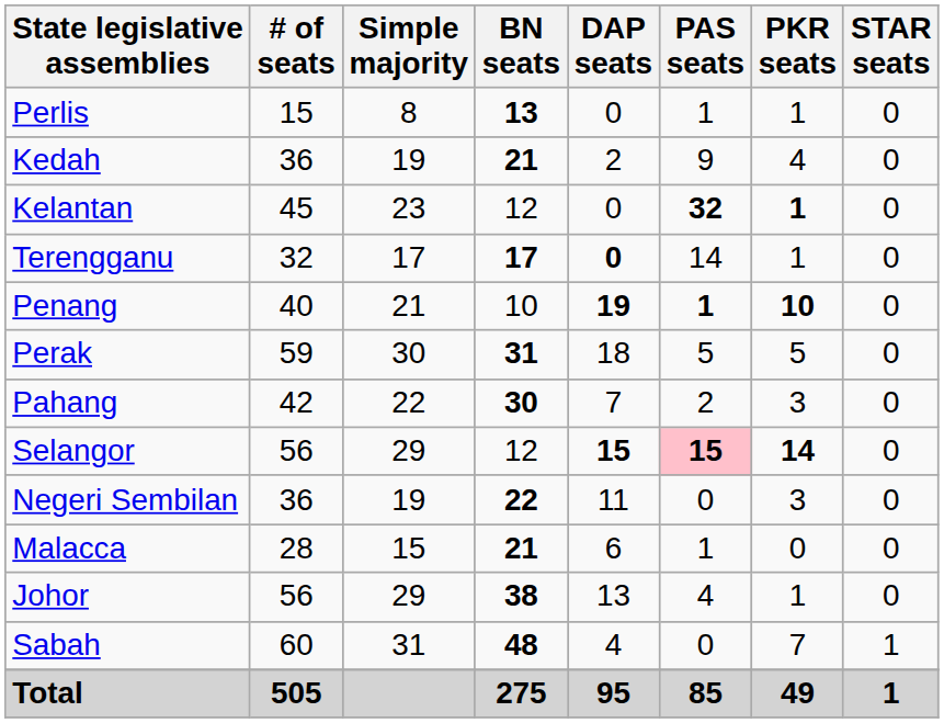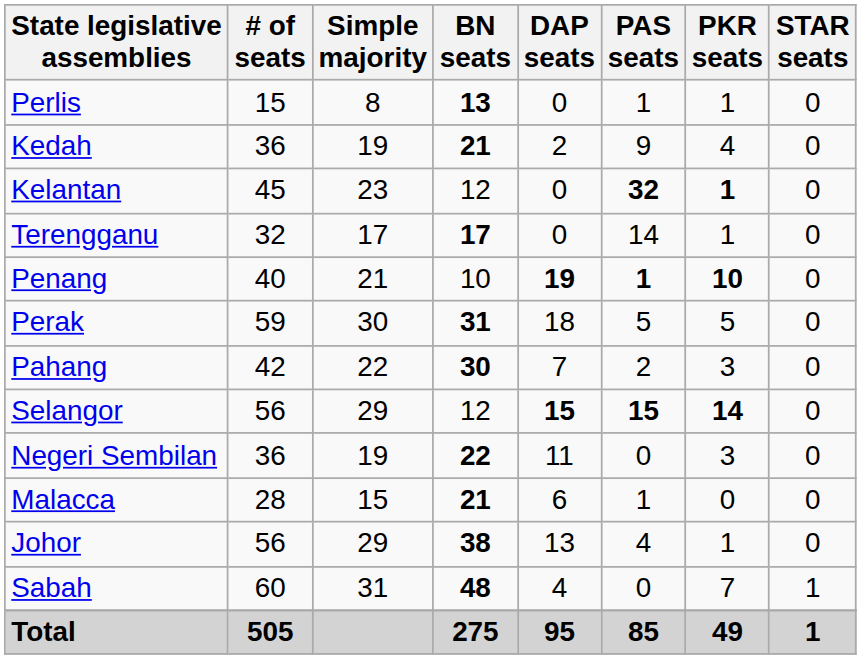 <table class="wikitable sortable" style="text-align:center">
 <tr>
 <th>State legislative<br>assemblies</th>
 <th># of<br>seats</th>
 <th>Simple<br>majority</th>
 <th>BN<br>seats</th>
 <th>DAP<br>seats</th>
 <th>PAS<br>seats</th>
 <th>PKR<br>seats</th>
 <th>STAR<br>seats</th>
 </tr>
 <tr>
 <td style="text-align:left"> <a href='#'>Perlis</a></td>
 <td>15</td>
 <td>8</td>
 <td><strong>13</strong></td>
 <td>0</td>
 <td>1</td>
 <td>1</td>
 <td>0</td>
 </tr>
 <tr>
 <td style="text-align:left"> <a href='#'>Kedah</a></td>
 <td>36</td>
 <td>19</td>
 <td><strong>21</strong></td>
 <td>2</td>
 <td>9</td>
 <td>4</td>
 <td>0</td>
 </tr>
 <tr>
 <td style="text-align:left"> <a href='#'>Kelantan</a></td>
 <td>45</td>
 <td>23</td>
 <td>12</td>
 <td>0</td>
 <td><strong>32</strong></td>
 <td><strong>1</strong></td>
 <td>0</td>
 </tr>
 <tr>
 <td style="text-align:left"> <a href='#'>Terengganu</a></td>
 <td>32</td>
 <td>17</td>
 <td><strong>17</strong></td>
-<td><strong>0</strong></td>
+<td>0</td>
 <td>14</td>
 <td>1</td>
 <td>0</td>
 </tr>
 <tr>
 <td style="text-align:left"> <a href='#'>Penang</a></td>
 <td>40</td>
 <td>21</td>
 <td>10</td>
 <td><strong>19</strong></td>
 <td><strong>1</strong></td>
 <td><strong>10</strong></td>
 <td>0</td>
 </tr>
 <tr>
 <td style="text-align:left"> <a href='#'>Perak</a></td>
 <td>59</td>
 <td>30</td>
 <td><strong>31</strong></td>
 <td>18</td>
 <td>5</td>
 <td>5</td>
 <td>0</td>
 </tr>
 <tr>
 <td style="text-align:left"> <a href='#'>Pahang</a></td>
 <td>42</td>
 <td>22</td>
 <td><strong>30</strong></td>
 <td>7</td>
 <td>2</td>
 <td>3</td>
 <td>0</td>
 </tr>
 <tr>
 <td style="text-align:left"> <a href='#'>Selangor</a></td>
 <td>56</td>
 <td>29</td>
 <td>12</td>
 <td><strong>15</strong></td>
-<td style="background: pink;"><strong>15</strong></td>
+<td><strong>15</strong></td>
 <td><strong>14</strong></td>
 <td>0</td>
 </tr>
 <tr>
 <td style="text-align:left"> <a href='#'>Negeri Sembilan</a></td>
 <td>36</td>
 <td>19</td>
 <td><strong>22</strong></td>
 <td>11</td>
 <td>0</td>
 <td>3</td>
 <td>0</td>
 </tr>
 <tr>
 <td style="text-align:left"> <a href='#'>Malacca</a></td>
 <td>28</td>
 <td>15</td>
 <td><strong>21</strong></td>
 <td>6</td>
 <td>1</td>
 <td>0</td>
 <td>0</td>
 </tr>
 <tr>
 <td style="text-align:left"> <a href='#'>Johor</a></td>
 <td>56</td>
 <td>29</td>
 <td><strong>38</strong></td>
 <td>13</td>
 <td>4</td>
 <td>1</td>
 <td>0</td>
 </tr>
 <tr>
 <td style="text-align:left"> <a href='#'>Sabah</a></td>
 <td>60</td>
 <td>31</td>
 <td><strong>48</strong></td>
 <td>4</td>
 <td>0</td>
 <td>7</td>
 <td>1</td>
 </tr>
 <tr>
 </tr>
 <tr class="sortbottom" style="background:lightgrey;">
 <td style="text-align:left"><strong>Total</strong></td>
 <td><strong>505</strong></td>
 <td></td>
 <td><span><strong>275</strong></span></td>
 <td><span><strong>95</strong></span></td>
 <td><span><strong>85</strong></span></td>
 <td><span><strong>49</strong></span></td>
 <td><span><strong>1</strong></span></td>
 </tr>
 </table>
